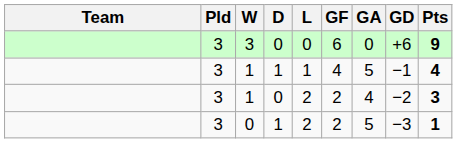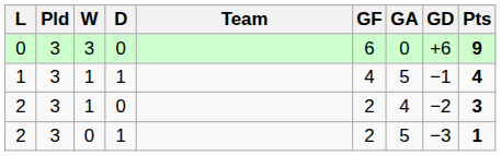 <table class="wikitable" style="text-align:center;">
 <tr>
-<th width=180>Team</th>
+<th width=20>L</th>
 <th width=20>Pld</th>
 <th width=20>W</th>
 <th width=20>D</th>
-<th width=20>L</th>
+<th width=180>Team</th>
 <th width=20>GF</th>
 <th width=20>GA</th>
 <th width=20>GD</th>
 <th width=20>Pts</th>
 </tr>
 <tr bgcolor="#ccffcc">
-<td align="left"><em></em></td>
+<td>0</td>
 <td>3</td>
 <td>3</td>
 <td>0</td>
-<td>0</td>
+<td align="left"><em></em></td>
 <td>6</td>
 <td>0</td>
 <td>+6</td>
 <td><strong>9</strong></td>
 </tr>
 <tr>
-<td align="left"></td>
+<td>1</td>
 <td>3</td>
 <td>1</td>
 <td>1</td>
-<td>1</td>
+<td align="left"></td>
 <td>4</td>
 <td>5</td>
 <td>−1</td>
 <td><strong>4</strong></td>
 </tr>
 <tr>
-<td align="left"></td>
+<td>2</td>
 <td>3</td>
 <td>1</td>
 <td>0</td>
-<td>2</td>
+<td align="left"></td>
 <td>2</td>
 <td>4</td>
 <td>−2</td>
 <td><strong>3</strong></td>
 </tr>
 <tr>
-<td align="left"></td>
+<td>2</td>
 <td>3</td>
 <td>0</td>
 <td>1</td>
-<td>2</td>
+<td align="left"></td>
 <td>2</td>
 <td>5</td>
 <td>−3</td>
 <td><strong>1</strong></td>
 </tr>
 </table>
